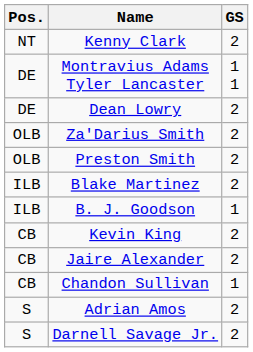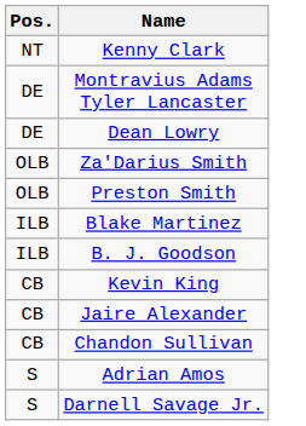 <table class="wikitable" style="text-align:center">
 <tr>
 <th>Pos.</th>
 <th>Name</th>
-<th>GS</th>
 </tr>
 <tr>
 <td>NT</td>
 <td><a href='#'>Kenny Clark</a></td>
-<td>2</td>
 </tr>
 <tr>
 <td>DE</td>
 <td><a href='#'>Montravius Adams</a><br><a href='#'>Tyler Lancaster</a></td>
-<td>1<br>1</td>
 </tr>
 <tr>
 <td>DE</td>
 <td><a href='#'>Dean Lowry</a></td>
-<td>2</td>
 </tr>
 <tr>
 <td>OLB</td>
 <td><a href='#'>Za'Darius Smith</a></td>
-<td>2</td>
 </tr>
 <tr>
 <td>OLB</td>
 <td><a href='#'>Preston Smith</a></td>
-<td>2</td>
 </tr>
 <tr>
 <td>ILB</td>
 <td><a href='#'>Blake Martinez</a></td>
-<td>2</td>
 </tr>
 <tr>
 <td>ILB</td>
 <td><a href='#'>B. J. Goodson</a></td>
-<td>1</td>
 </tr>
 <tr>
 <td>CB</td>
 <td><a href='#'>Kevin King</a></td>
-<td>2</td>
 </tr>
 <tr>
 <td>CB</td>
 <td><a href='#'>Jaire Alexander</a></td>
-<td>2</td>
 </tr>
 <tr>
 <td>CB</td>
 <td><a href='#'>Chandon Sullivan</a></td>
-<td>1</td>
 </tr>
 <tr>
 <td>S</td>
 <td><a href='#'>Adrian Amos</a></td>
-<td>2</td>
 </tr>
 <tr>
 <td>S</td>
 <td><a href='#'>Darnell Savage Jr.</a></td>
-<td>2</td>
 </tr>
 </table>
